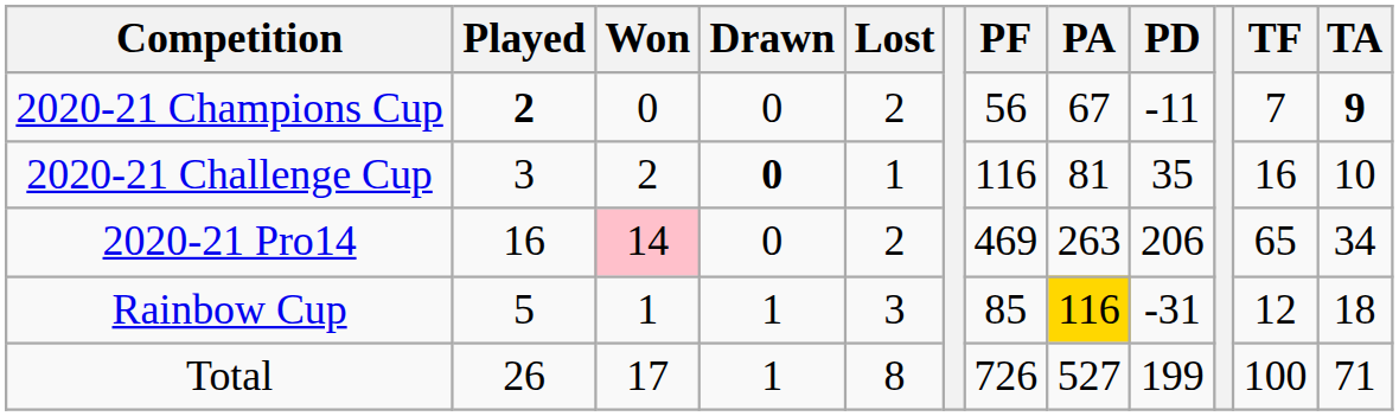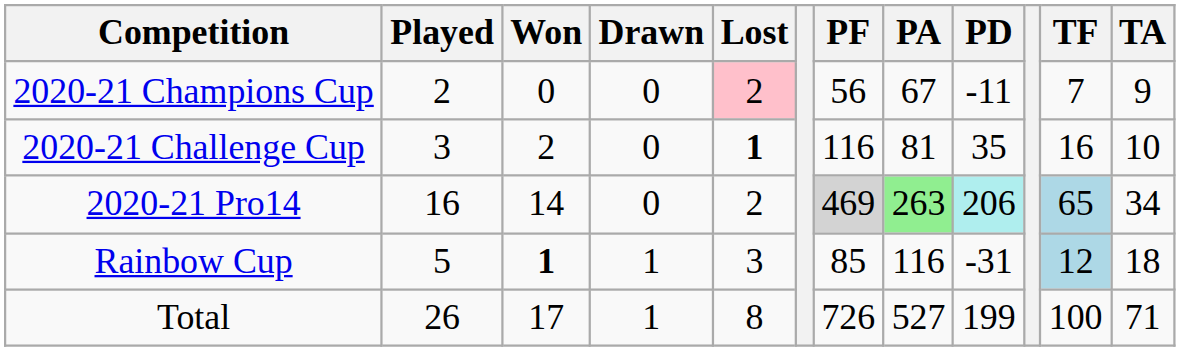 <table class="wikitable">
 <tr>
 <th>Competition</th>
 <th>Played</th>
 <th>Won</th>
 <th>Drawn</th>
 <th>Lost</th>
 <th rowspan="6"></th>
 <th>PF</th>
 <th>PA</th>
 <th>PD</th>
 <th rowspan="6"></th>
 <th>TF</th>
 <th>TA</th>
 </tr>
 <tr align=center>
 <td><a href='#'>2020-21 Champions Cup</a></td>
-<td><strong>2</strong></td>
+<td>2</td>
 <td>0</td>
 <td>0</td>
-<td>2</td>
+<td style="background: pink;">2</td>
 <td>56</td>
 <td>67</td>
 <td>-11</td>
 <td>7</td>
-<td><strong>9</strong></td>
+<td>9</td>
 </tr>
 <tr align=center>
 <td><a href='#'>2020-21 Challenge Cup</a></td>
 <td>3</td>
 <td>2</td>
-<td><strong>0</strong></td>
-<td>1</td>
+<td>0</td>
+<td><strong>1</strong></td>
 <td>116</td>
 <td>81</td>
 <td>35</td>
 <td>16</td>
 <td>10</td>
 </tr>
 <tr align=center>
 <td><a href='#'>2020-21 Pro14</a></td>
 <td>16</td>
-<td style="background: pink;">14</td>
+<td>14</td>
 <td>0</td>
 <td>2</td>
-<td>469</td>
-<td>263</td>
-<td>206</td>
-<td>65</td>
+<td style="background: lightgrey;">469</td>
+<td style="background: lightgreen;">263</td>
+<td style="background: paleturquoise;">206</td>
+<td style="background: lightblue;">65</td>
 <td>34</td>
 </tr>
 <tr align=center>
 <td><a href='#'>Rainbow Cup</a></td>
 <td>5</td>
-<td>1</td>
+<td><strong>1</strong></td>
 <td>1</td>
 <td>3</td>
 <td>85</td>
-<td style="background: gold;">116</td>
+<td>116</td>
 <td>-31</td>
-<td>12</td>
+<td style="background: lightblue;">12</td>
 <td>18</td>
 </tr>
 <tr align=center>
 <td>Total</td>
 <td>26</td>
 <td>17</td>
 <td>1</td>
 <td>8</td>
 <td>726</td>
 <td>527</td>
 <td>199</td>
 <td>100</td>
 <td>71</td>
 </tr>
 </table>
